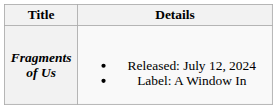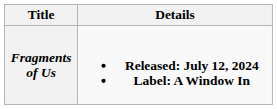 <table class="wikitable plainrowheaders" style="text-align:center;">
 <tr>
 <th scope="col" rowspan="1" style="width:5em;">Title</th>
 <th scope="col" rowspan="1" style="width:14em;">Details</th>
 </tr>
 <tr>
 <th scope="row"><em>Fragments of Us</em></th>
-<td><br><ul><li>Released: July 12, 2024</li><li>Label: A Window In</li></ul></td>
+<td><strong><br><ul><li>Released: July 12, 2024</li><li>Label: A Window In</li></ul></strong></td>
 </tr>
 </table>
